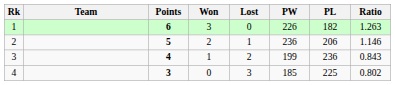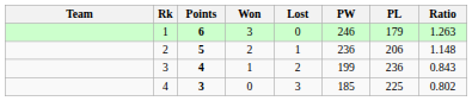 <table class=wikitable style=text-align:center>
 <tr>
+<th width=200>Team</th>
 <th width=25>Rk</th>
-<th width=200>Team</th>
 <th width=60>Points</th>
 <th width=60>Won</th>
 <th width=60>Lost</th>
 <th width=60>PW</th>
 <th width=60>PL</th>
 <th width=60>Ratio</th>
 </tr>
 <tr bgcolor=#ccffcc>
+<td align=left></td>
 <td>1</td>
-<td align=left></td>
 <td><strong>6</strong></td>
 <td>3</td>
 <td>0</td>
-<td>226</td>
-<td>182</td>
+<td>246</td>
+<td>179</td>
 <td>1.263</td>
 </tr>
 <tr>
+<td align=left></td>
 <td>2</td>
-<td align=left></td>
 <td><strong>5</strong></td>
 <td>2</td>
 <td>1</td>
 <td>236</td>
 <td>206</td>
-<td>1.146</td>
+<td>1.148</td>
 </tr>
 <tr>
+<td align=left></td>
 <td>3</td>
-<td align=left></td>
 <td><strong>4</strong></td>
 <td>1</td>
 <td>2</td>
 <td>199</td>
 <td>236</td>
 <td>0.843</td>
 </tr>
 <tr>
+<td align=left></td>
 <td>4</td>
-<td align=left></td>
 <td><strong>3</strong></td>
 <td>0</td>
 <td>3</td>
 <td>185</td>
 <td>225</td>
 <td>0.802</td>
 </tr>
 </table>
